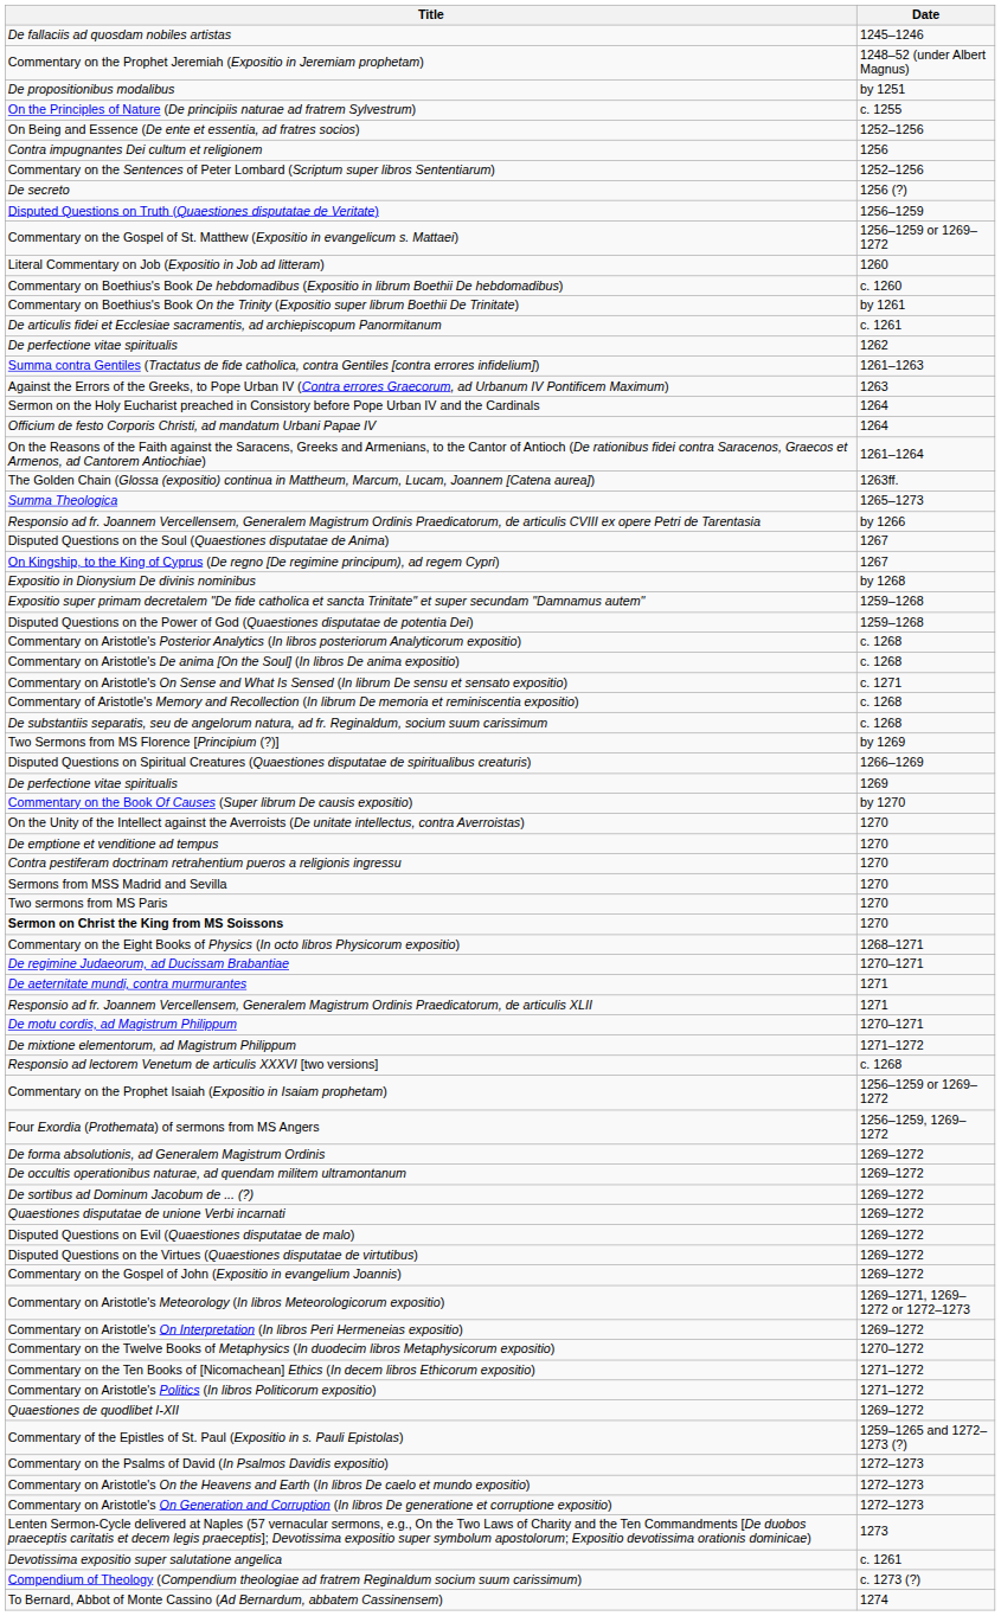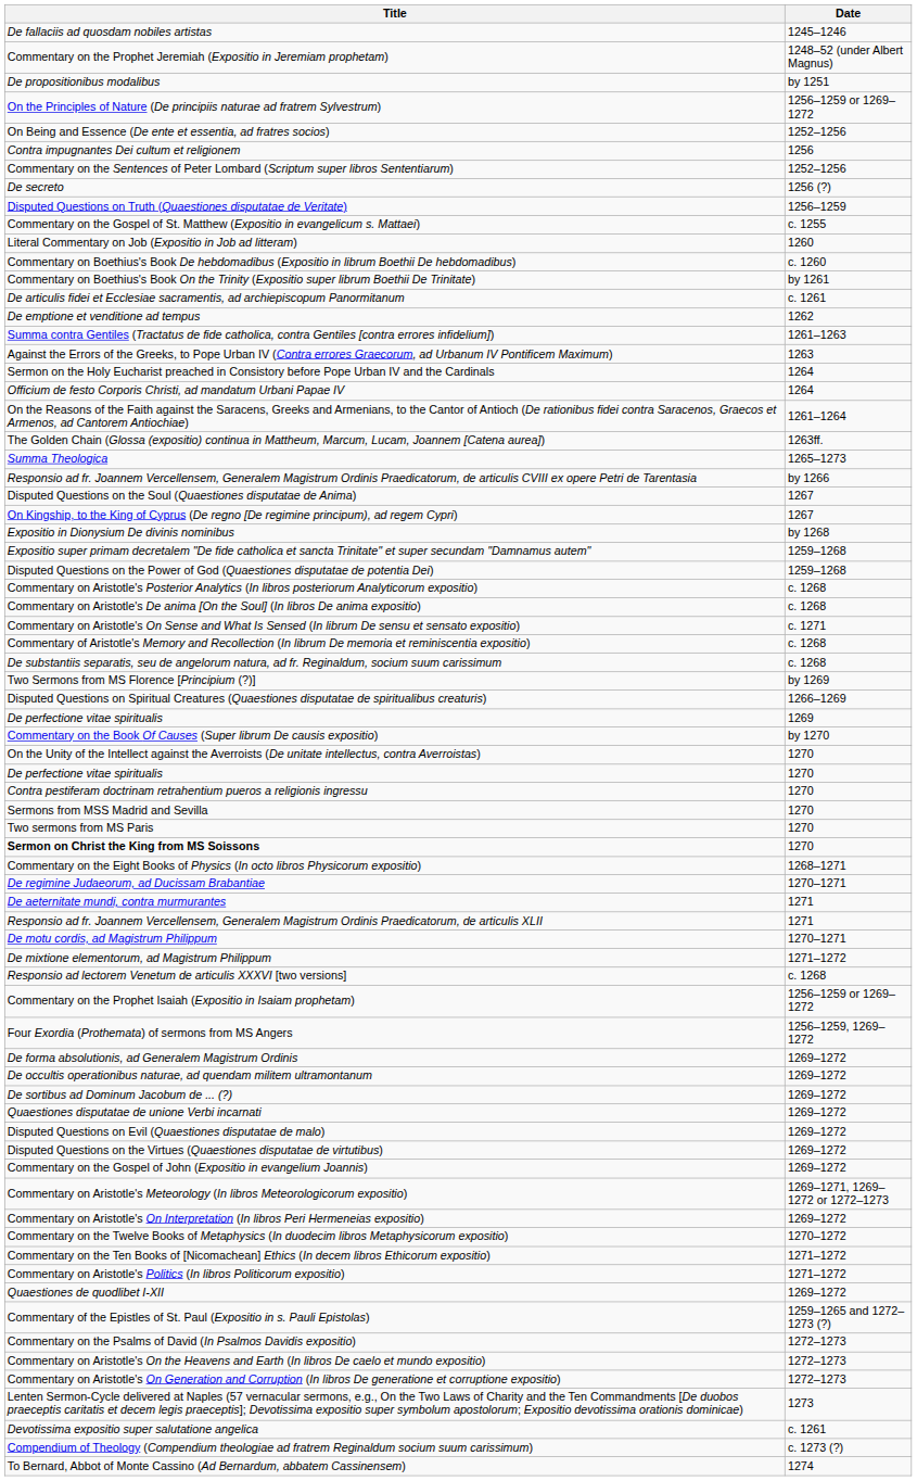 <table class="wikitable">
 <tr>
 <th>Title</th>
 <th>Date</th>
 </tr>
 <tr>
 <td><em>De fallaciis ad quosdam nobiles artistas</em></td>
 <td>1245–1246</td>
 </tr>
 <tr>
 <td>Commentary on the Prophet Jeremiah (<em>Expositio in Jeremiam prophetam</em>)</td>
 <td>1248–52 (under Albert Magnus)</td>
 </tr>
 <tr>
 <td><em>De propositionibus modalibus</em></td>
 <td>by 1251</td>
 </tr>
 <tr>
 <td><a href='#'>On the Principles of Nature</a> (<em>De principiis naturae ad fratrem Sylvestrum</em>)</td>
-<td>c. 1255</td>
+<td>1256–1259 or 1269–1272</td>
 </tr>
 <tr>
 <td>On Being and Essence (<em>De ente et essentia, ad fratres socios</em>)</td>
 <td>1252–1256</td>
 </tr>
 <tr>
 <td><em>Contra impugnantes Dei cultum et religionem</em></td>
 <td>1256</td>
 </tr>
 <tr>
 <td>Commentary on the <em>Sentences</em> of Peter Lombard (<em>Scriptum super libros Sententiarum</em>)</td>
 <td>1252–1256</td>
 </tr>
 <tr>
 <td><em>De secreto</em></td>
 <td>1256 (?)</td>
 </tr>
 <tr>
 <td><a href='#'>Disputed Questions on Truth (<em>Quaestiones disputatae de Veritate</em>)</a></td>
 <td>1256–1259</td>
 </tr>
 <tr>
 <td>Commentary on the Gospel of St. Matthew (<em>Expositio in evangelicum s. Mattaei</em>)</td>
-<td>1256–1259 or 1269–1272</td>
+<td>c. 1255</td>
 </tr>
 <tr>
 <td>Literal Commentary on Job (<em>Expositio in Job ad litteram</em>)</td>
 <td>1260</td>
 </tr>
 <tr>
 <td>Commentary on Boethius's Book <em>De hebdomadibus</em> (<em>Expositio in librum Boethii De hebdomadibus</em>)</td>
 <td>c. 1260</td>
 </tr>
 <tr>
 <td>Commentary on Boethius's Book <em>On the Trinity</em> (<em>Expositio super librum Boethii De Trinitate</em>)</td>
 <td>by 1261</td>
 </tr>
 <tr>
 <td><em>De articulis fidei et Ecclesiae sacramentis, ad archiepiscopum Panormitanum</em></td>
 <td>c. 1261</td>
 </tr>
 <tr>
-<td><em>De perfectione vitae spiritualis</em></td>
+<td><em>De emptione et venditione ad tempus</em></td>
 <td>1262</td>
 </tr>
 <tr>
 <td><a href='#'>Summa contra Gentiles</a> (<em>Tractatus de fide catholica, contra Gentiles [contra errores infidelium]</em>)</td>
 <td>1261–1263</td>
 </tr>
 <tr>
 <td>Against the Errors of the Greeks, to Pope Urban IV (<em><a href='#'>Contra errores Graecorum</a>, ad Urbanum IV Pontificem Maximum</em>)</td>
 <td>1263</td>
 </tr>
 <tr>
 <td>Sermon on the Holy Eucharist preached in Consistory before Pope Urban IV and the Cardinals</td>
 <td>1264</td>
 </tr>
 <tr>
 <td><em>Officium de festo Corporis Christi, ad mandatum Urbani Papae IV</em></td>
 <td>1264</td>
 </tr>
 <tr>
 <td>On the Reasons of the Faith against the Saracens, Greeks and Armenians, to the Cantor of Antioch (<em>De rationibus fidei contra Saracenos, Graecos et Armenos, ad Cantorem Antiochiae</em>)</td>
 <td>1261–1264</td>
 </tr>
 <tr>
 <td>The Golden Chain (<em>Glossa (expositio) continua in Mattheum, Marcum, Lucam, Joannem [Catena aurea]</em>)</td>
 <td>1263ff.</td>
 </tr>
 <tr>
 <td><em><a href='#'>Summa Theologica</a></em></td>
 <td>1265–1273</td>
 </tr>
 <tr>
 <td><em>Responsio ad fr. Joannem Vercellensem, Generalem Magistrum Ordinis Praedicatorum, de articulis CVIII ex opere Petri de Tarentasia</em></td>
 <td>by 1266</td>
 </tr>
 <tr>
 <td>Disputed Questions on the Soul (<em>Quaestiones disputatae de Anima</em>)</td>
 <td>1267</td>
 </tr>
 <tr>
 <td><a href='#'>On Kingship, to the King of Cyprus</a> (<em>De regno [De regimine principum), ad regem Cypri</em>)</td>
 <td>1267</td>
 </tr>
 <tr>
 <td><em>Expositio in Dionysium De divinis nominibus</em></td>
 <td>by 1268</td>
 </tr>
 <tr>
 <td><em>Expositio super primam decretalem "De fide catholica et sancta Trinitate" et super secundam "Damnamus autem"</em></td>
 <td>1259–1268</td>
 </tr>
 <tr>
 <td>Disputed Questions on the Power of God (<em>Quaestiones disputatae de potentia Dei</em>)</td>
 <td>1259–1268</td>
 </tr>
 <tr>
 <td>Commentary on Aristotle's <em>Posterior Analytics</em> (<em>In libros posteriorum Analyticorum expositio</em>)</td>
 <td>c. 1268</td>
 </tr>
 <tr>
 <td>Commentary on Aristotle's <em>De anima [On the Soul]</em> (<em>In libros De anima expositio</em>)</td>
 <td>c. 1268</td>
 </tr>
 <tr>
 <td>Commentary on Aristotle's <em>On Sense and What Is Sensed</em> (<em>In librum De sensu et sensato expositio</em>)</td>
 <td>c. 1271</td>
 </tr>
 <tr>
 <td>Commentary of Aristotle's <em>Memory and Recollection</em> (<em>In librum De memoria et reminiscentia expositio</em>)</td>
 <td>c. 1268</td>
 </tr>
 <tr>
 <td><em>De substantiis separatis, seu de angelorum natura, ad fr. Reginaldum, socium suum carissimum</em></td>
 <td>c. 1268</td>
 </tr>
 <tr>
 <td>Two Sermons from MS Florence [<em>Principium</em> (?)]</td>
 <td>by 1269</td>
 </tr>
 <tr>
 <td>Disputed Questions on Spiritual Creatures (<em>Quaestiones disputatae de spiritualibus creaturis</em>)</td>
 <td>1266–1269</td>
 </tr>
 <tr>
 <td><em>De perfectione vitae spiritualis</em></td>
 <td>1269</td>
 </tr>
 <tr>
 <td><a href='#'>Commentary on the Book <em>Of Causes</em></a> (<em>Super librum De causis expositio</em>)</td>
 <td>by 1270</td>
 </tr>
 <tr>
 <td>On the Unity of the Intellect against the Averroists (<em>De unitate intellectus, contra Averroistas</em>)</td>
 <td>1270</td>
 </tr>
 <tr>
-<td><em>De emptione et venditione ad tempus</em></td>
+<td><em>De perfectione vitae spiritualis</em></td>
 <td>1270</td>
 </tr>
 <tr>
 <td><em>Contra pestiferam doctrinam retrahentium pueros a religionis ingressu</em></td>
 <td>1270</td>
 </tr>
 <tr>
 <td>Sermons from MSS Madrid and Sevilla</td>
 <td>1270</td>
 </tr>
 <tr>
 <td>Two sermons from MS Paris</td>
 <td>1270</td>
 </tr>
 <tr>
 <td><strong>Sermon on Christ the King from MS Soissons</strong></td>
 <td>1270</td>
 </tr>
 <tr>
 <td>Commentary on the Eight Books of <em>Physics</em> (<em>In octo libros Physicorum expositio</em>)</td>
 <td>1268–1271</td>
 </tr>
 <tr>
 <td><em><a href='#'>De regimine Judaeorum, ad Ducissam Brabantiae</a></em></td>
 <td>1270–1271</td>
 </tr>
 <tr>
 <td><em><a href='#'>De aeternitate mundi, contra murmurantes</a></em></td>
 <td>1271</td>
 </tr>
 <tr>
 <td><em>Responsio ad fr. Joannem Vercellensem, Generalem Magistrum Ordinis Praedicatorum, de articulis XLII</em></td>
 <td>1271</td>
 </tr>
 <tr>
 <td><em><a href='#'>De motu cordis, ad Magistrum Philippum</a></em></td>
 <td>1270–1271</td>
 </tr>
 <tr>
 <td><em>De mixtione elementorum, ad Magistrum Philippum</em></td>
 <td>1271–1272</td>
 </tr>
 <tr>
 <td><em>Responsio ad lectorem Venetum de articulis XXXVI</em> [two versions]</td>
 <td>c. 1268</td>
 </tr>
 <tr>
 <td>Commentary on the Prophet Isaiah (<em>Expositio in Isaiam prophetam</em>)</td>
 <td>1256–1259 or 1269–1272</td>
 </tr>
 <tr>
 <td>Four <em>Exordia</em> (<em>Prothemata</em>) of sermons from MS Angers</td>
 <td>1256–1259, 1269–1272</td>
 </tr>
 <tr>
 <td><em>De forma absolutionis, ad Generalem Magistrum Ordinis</em></td>
 <td>1269–1272</td>
 </tr>
 <tr>
 <td><em>De occultis operationibus naturae, ad quendam militem ultramontanum</em></td>
 <td>1269–1272</td>
 </tr>
 <tr>
 <td><em>De sortibus ad Dominum Jacobum de ... (?)</em></td>
 <td>1269–1272</td>
 </tr>
 <tr>
 <td><em>Quaestiones disputatae de unione Verbi incarnati</em></td>
 <td>1269–1272</td>
 </tr>
 <tr>
 <td>Disputed Questions on Evil (<em>Quaestiones disputatae de malo</em>)</td>
 <td>1269–1272</td>
 </tr>
 <tr>
 <td>Disputed Questions on the Virtues (<em>Quaestiones disputatae de virtutibus</em>)</td>
 <td>1269–1272</td>
 </tr>
 <tr>
 <td>Commentary on the Gospel of John (<em>Expositio in evangelium Joannis</em>)</td>
 <td>1269–1272</td>
 </tr>
 <tr>
 <td>Commentary on Aristotle's <em>Meteorology</em> (<em>In libros Meteorologicorum expositio</em>)</td>
 <td>1269–1271, 1269–1272 or 1272–1273</td>
 </tr>
 <tr>
 <td>Commentary on Aristotle's <em><a href='#'>On Interpretation</a></em> (<em>In libros Peri Hermeneias expositio</em>)</td>
 <td>1269–1272</td>
 </tr>
 <tr>
 <td>Commentary on the Twelve Books of <em>Metaphysics</em> (<em>In duodecim libros Metaphysicorum expositio</em>)</td>
 <td>1270–1272</td>
 </tr>
 <tr>
 <td>Commentary on the Ten Books of [Nicomachean] <em>Ethics</em> (<em>In decem libros Ethicorum expositio</em>)</td>
 <td>1271–1272</td>
 </tr>
 <tr>
 <td>Commentary on Aristotle's <em><a href='#'>Politics</a></em> (<em>In libros Politicorum expositio</em>)</td>
 <td>1271–1272</td>
 </tr>
 <tr>
 <td><em>Quaestiones de quodlibet I-XII</em></td>
 <td>1269–1272</td>
 </tr>
 <tr>
 <td>Commentary of the Epistles of St. Paul (<em>Expositio in s. Pauli Epistolas</em>)</td>
 <td>1259–1265 and 1272–1273 (?)</td>
 </tr>
 <tr>
 <td>Commentary on the Psalms of David (<em>In Psalmos Davidis expositio</em>)</td>
 <td>1272–1273</td>
 </tr>
 <tr>
 <td>Commentary on Aristotle's <em>On the Heavens and Earth</em> (<em>In libros De caelo et mundo expositio</em>)</td>
 <td>1272–1273</td>
 </tr>
 <tr>
 <td>Commentary on Aristotle's <em><a href='#'>On Generation and Corruption</a></em> (<em>In libros De generatione et corruptione expositio</em>)</td>
 <td>1272–1273</td>
 </tr>
 <tr>
 <td>Lenten Sermon-Cycle delivered at Naples (57 vernacular sermons, e.g., On the Two Laws of Charity and the Ten Commandments [<em>De duobos praeceptis caritatis et decem legis praeceptis</em>]; <em>Devotissima expositio super symbolum apostolorum</em>; <em>Expositio devotissima orationis dominicae</em>)</td>
 <td>1273</td>
 </tr>
 <tr>
 <td><em>Devotissima expositio super salutatione angelica</em></td>
 <td>c. 1261</td>
 </tr>
 <tr>
 <td><a href='#'>Compendium of Theology</a> (<em>Compendium theologiae ad fratrem Reginaldum socium suum carissimum</em>)</td>
 <td>c. 1273 (?)</td>
 </tr>
 <tr>
 <td>To Bernard, Abbot of Monte Cassino (<em>Ad Bernardum, abbatem Cassinensem</em>)</td>
 <td>1274</td>
 </tr>
 </table>
